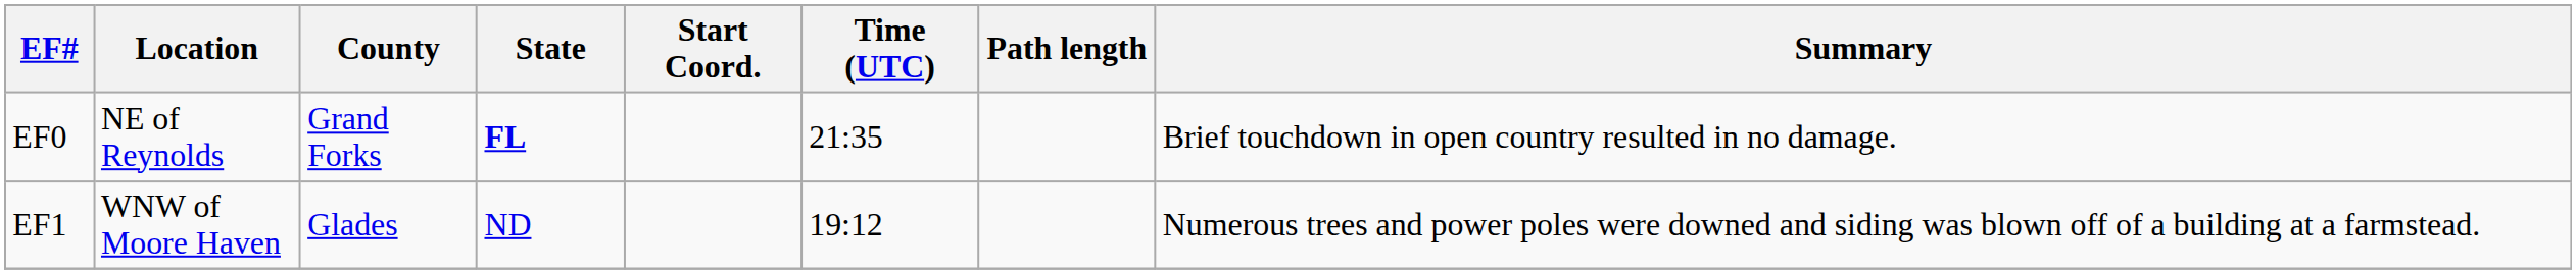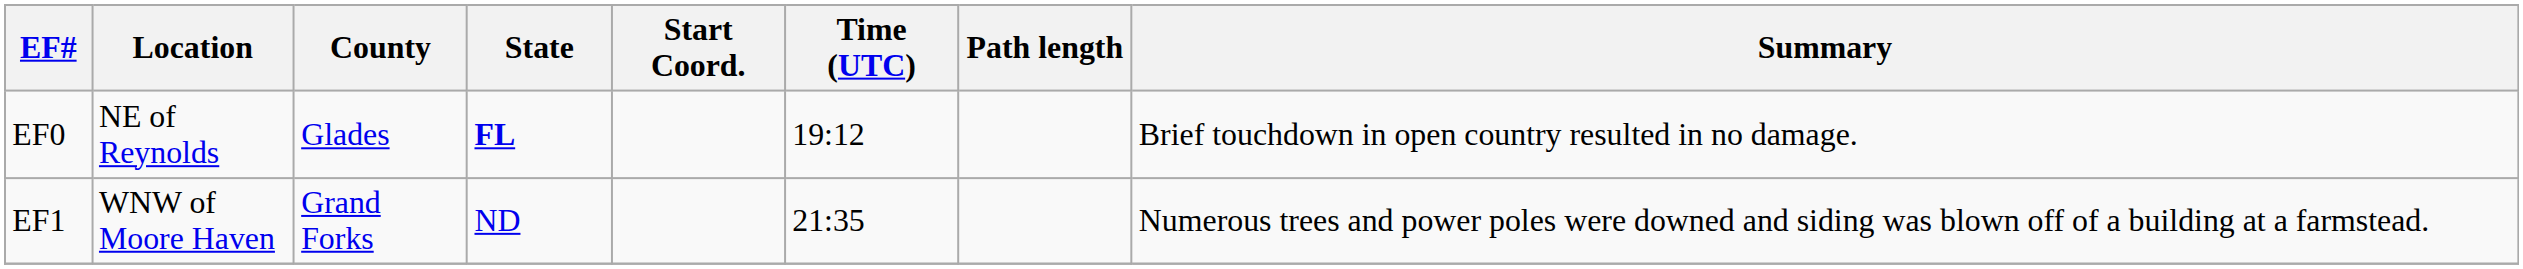 <table class="wikitable sortable" style="width:100%;">
 <tr>
 <th scope="col"  style="width:3%; text-align:center;"><a href='#'>EF#</a></th>
 <th scope="col"  style="width:7%; text-align:center;" class="unsortable">Location</th>
 <th scope="col"  style="width:6%; text-align:center;" class="unsortable">County</th>
 <th scope="col"  style="width:5%; text-align:center;">State</th>
 <th scope="col"  style="width:6%; text-align:center;">Start Coord.</th>
 <th scope="col"  style="width:6%; text-align:center;">Time (<a href='#'>UTC</a>)</th>
 <th scope="col"  style="width:6%; text-align:center;">Path length</th>
 <th scope="col" class="unsortable" style="width:48%; text-align:center;">Summary</th>
 </tr>
 <tr>
 <td>EF0</td>
 <td>NE of <a href='#'>Reynolds</a></td>
-<td><a href='#'>Grand Forks</a></td>
+<td><a href='#'>Glades</a></td>
 <td><strong><a href='#'>FL</a></strong></td>
 <td></td>
-<td>21:35</td>
+<td>19:12</td>
 <td></td>
 <td>Brief touchdown in open country resulted in no damage.</td>
 </tr>
 <tr>
 <td>EF1</td>
 <td>WNW of <a href='#'>Moore Haven</a></td>
-<td><a href='#'>Glades</a></td>
+<td><a href='#'>Grand Forks</a></td>
 <td><a href='#'>ND</a></td>
 <td></td>
-<td>19:12</td>
+<td>21:35</td>
 <td></td>
 <td>Numerous trees and power poles were downed and siding was blown off of a building at a farmstead.</td>
 </tr>
 <tr>
 </tr>
 </table>
